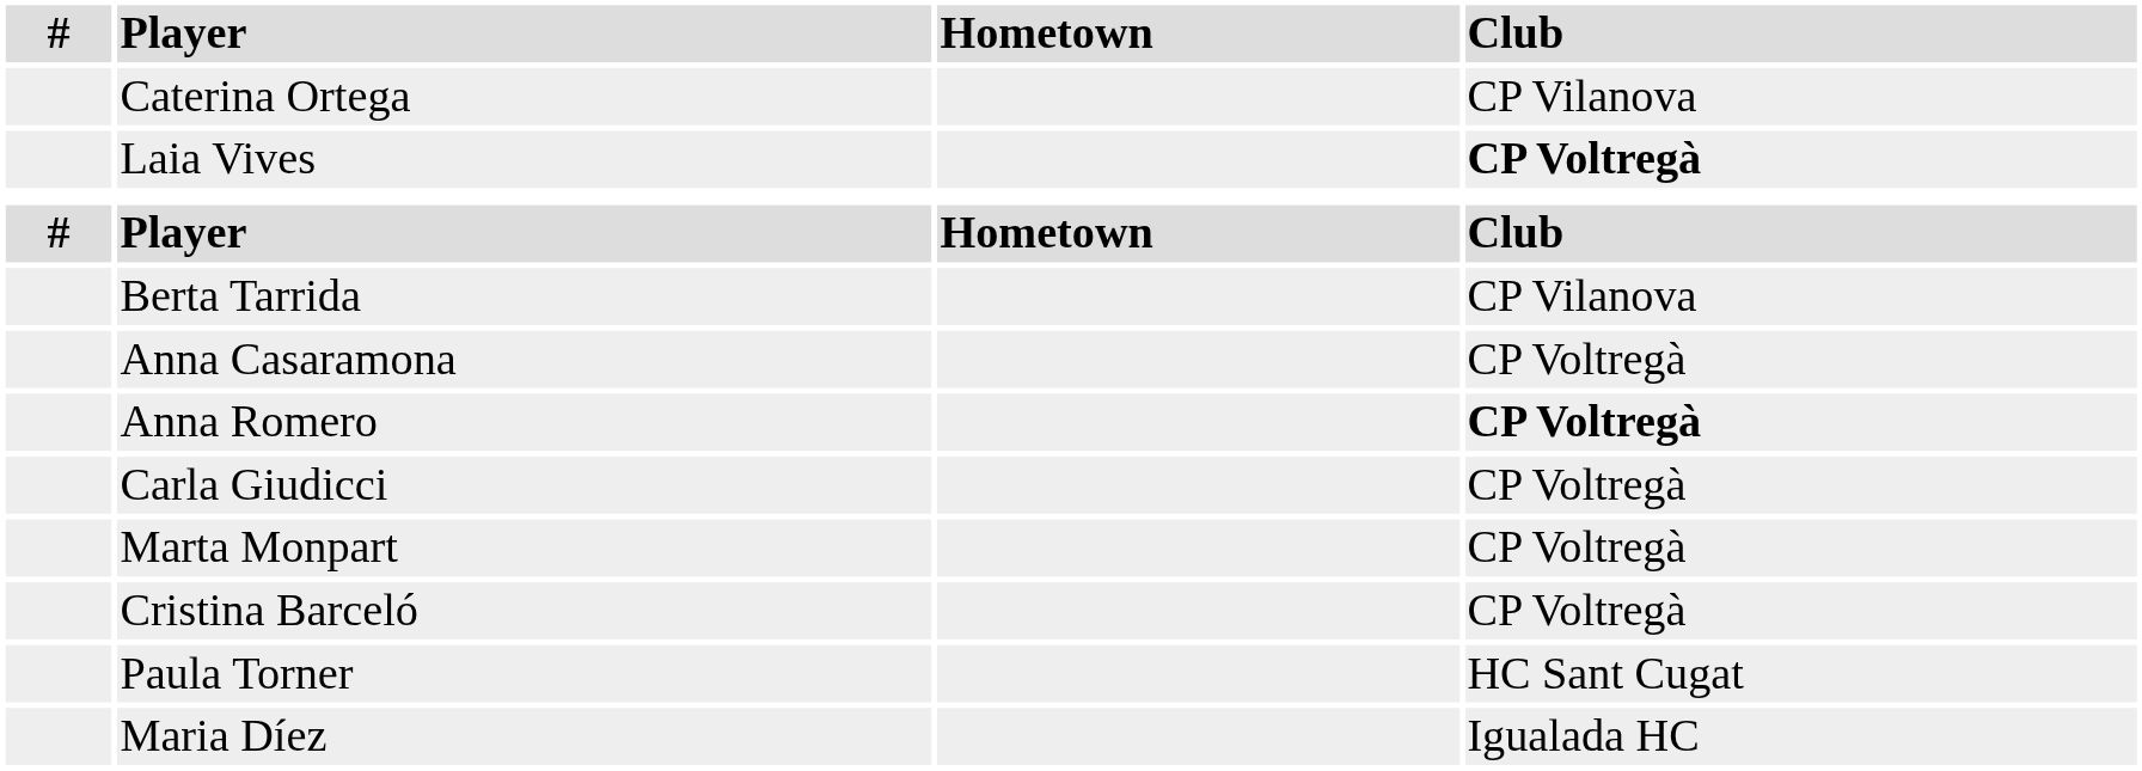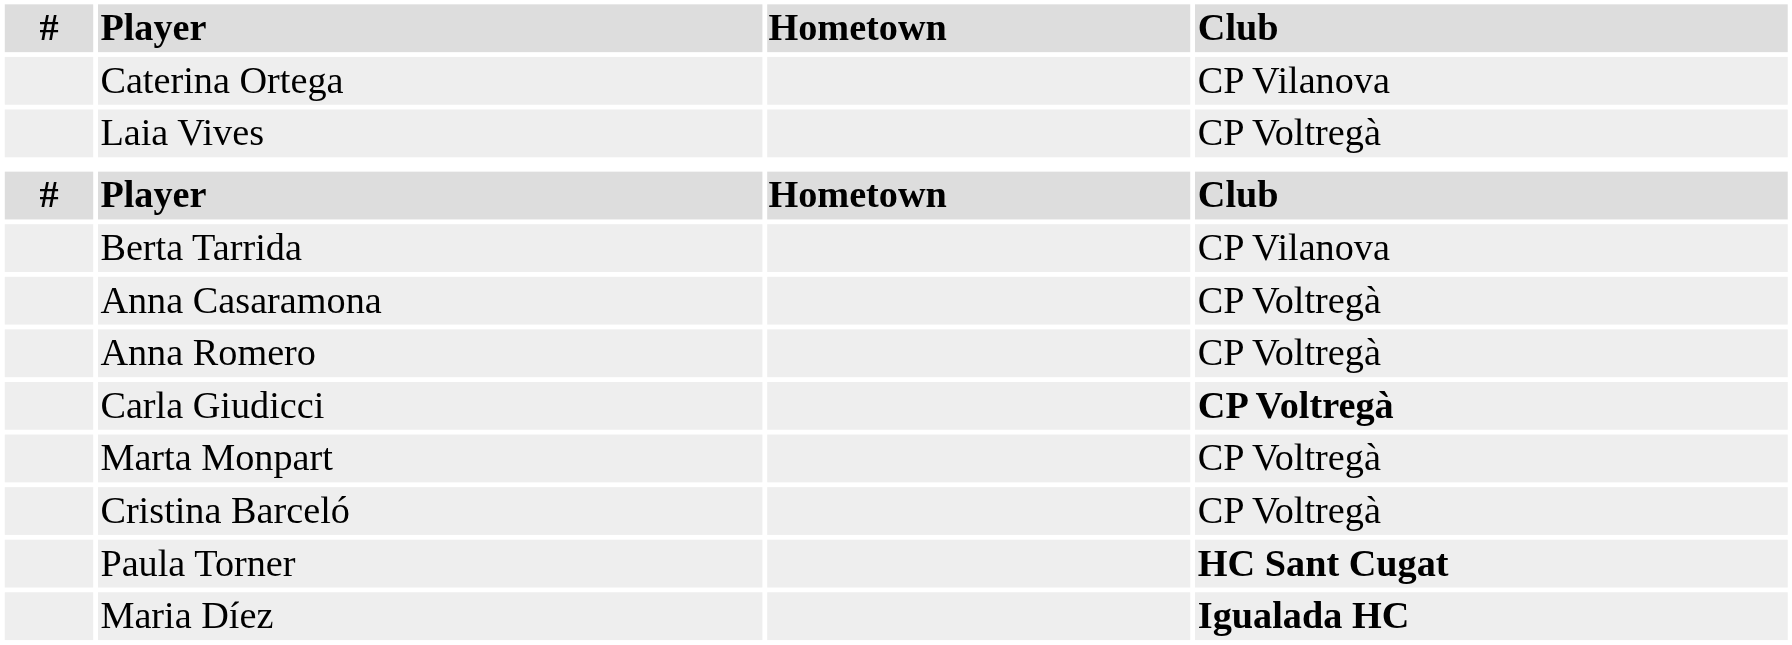 <table width=750>
 <tr>
 <th colspan=9></th>
 </tr>
 <tr bgcolor="#dddddd">
 <th width=5%>#</th>
 <td align=left!!width=35%><strong>Player</strong></td>
 <td align=center!!width=20%><strong>Hometown</strong></td>
 <td align=center!!width=35%><strong>Club</strong></td>
 </tr>
 <tr bgcolor="#eeeeee">
 <td align=center></td>
 <td>Caterina Ortega</td>
 <td></td>
 <td>CP Vilanova</td>
 </tr>
 <tr bgcolor="#eeeeee">
 <td align=center></td>
 <td>Laia Vives</td>
 <td></td>
-<td><strong>CP Voltregà</strong></td>
+<td>CP Voltregà</td>
 </tr>
 <tr>
 <th colspan=9></th>
 </tr>
 <tr bgcolor="#dddddd">
 <th width=5%>#</th>
 <td align=left!!width=35%><strong>Player</strong></td>
 <td align=center!!width=20%><strong>Hometown</strong></td>
 <td align=center!!width=35%><strong>Club</strong></td>
 </tr>
 <tr bgcolor="#eeeeee">
 <td align=center></td>
 <td>Berta Tarrida</td>
 <td></td>
 <td>CP Vilanova</td>
 </tr>
 <tr bgcolor="#eeeeee">
 <td align=center></td>
 <td>Anna Casaramona</td>
 <td></td>
 <td>CP Voltregà</td>
 </tr>
 <tr bgcolor="#eeeeee">
 <td align=center></td>
 <td>Anna Romero</td>
 <td></td>
-<td><strong>CP Voltregà</strong></td>
+<td>CP Voltregà</td>
 </tr>
 <tr bgcolor="#eeeeee">
 <td align=center></td>
 <td>Carla Giudicci</td>
 <td></td>
-<td>CP Voltregà</td>
+<td><strong>CP Voltregà</strong></td>
 </tr>
 <tr bgcolor="#eeeeee">
 <td align=center></td>
 <td>Marta Monpart</td>
 <td></td>
 <td>CP Voltregà</td>
 </tr>
 <tr bgcolor="#eeeeee">
 <td align=center></td>
 <td>Cristina Barceló</td>
 <td></td>
 <td>CP Voltregà</td>
 </tr>
 <tr bgcolor="#eeeeee">
 <td align=center></td>
 <td>Paula Torner</td>
 <td></td>
-<td>HC Sant Cugat</td>
+<td><strong>HC Sant Cugat</strong></td>
 </tr>
 <tr bgcolor="#eeeeee">
 <td align=center></td>
 <td>Maria Díez</td>
 <td></td>
-<td>Igualada HC</td>
+<td><strong>Igualada HC</strong></td>
 </tr>
 </table>
